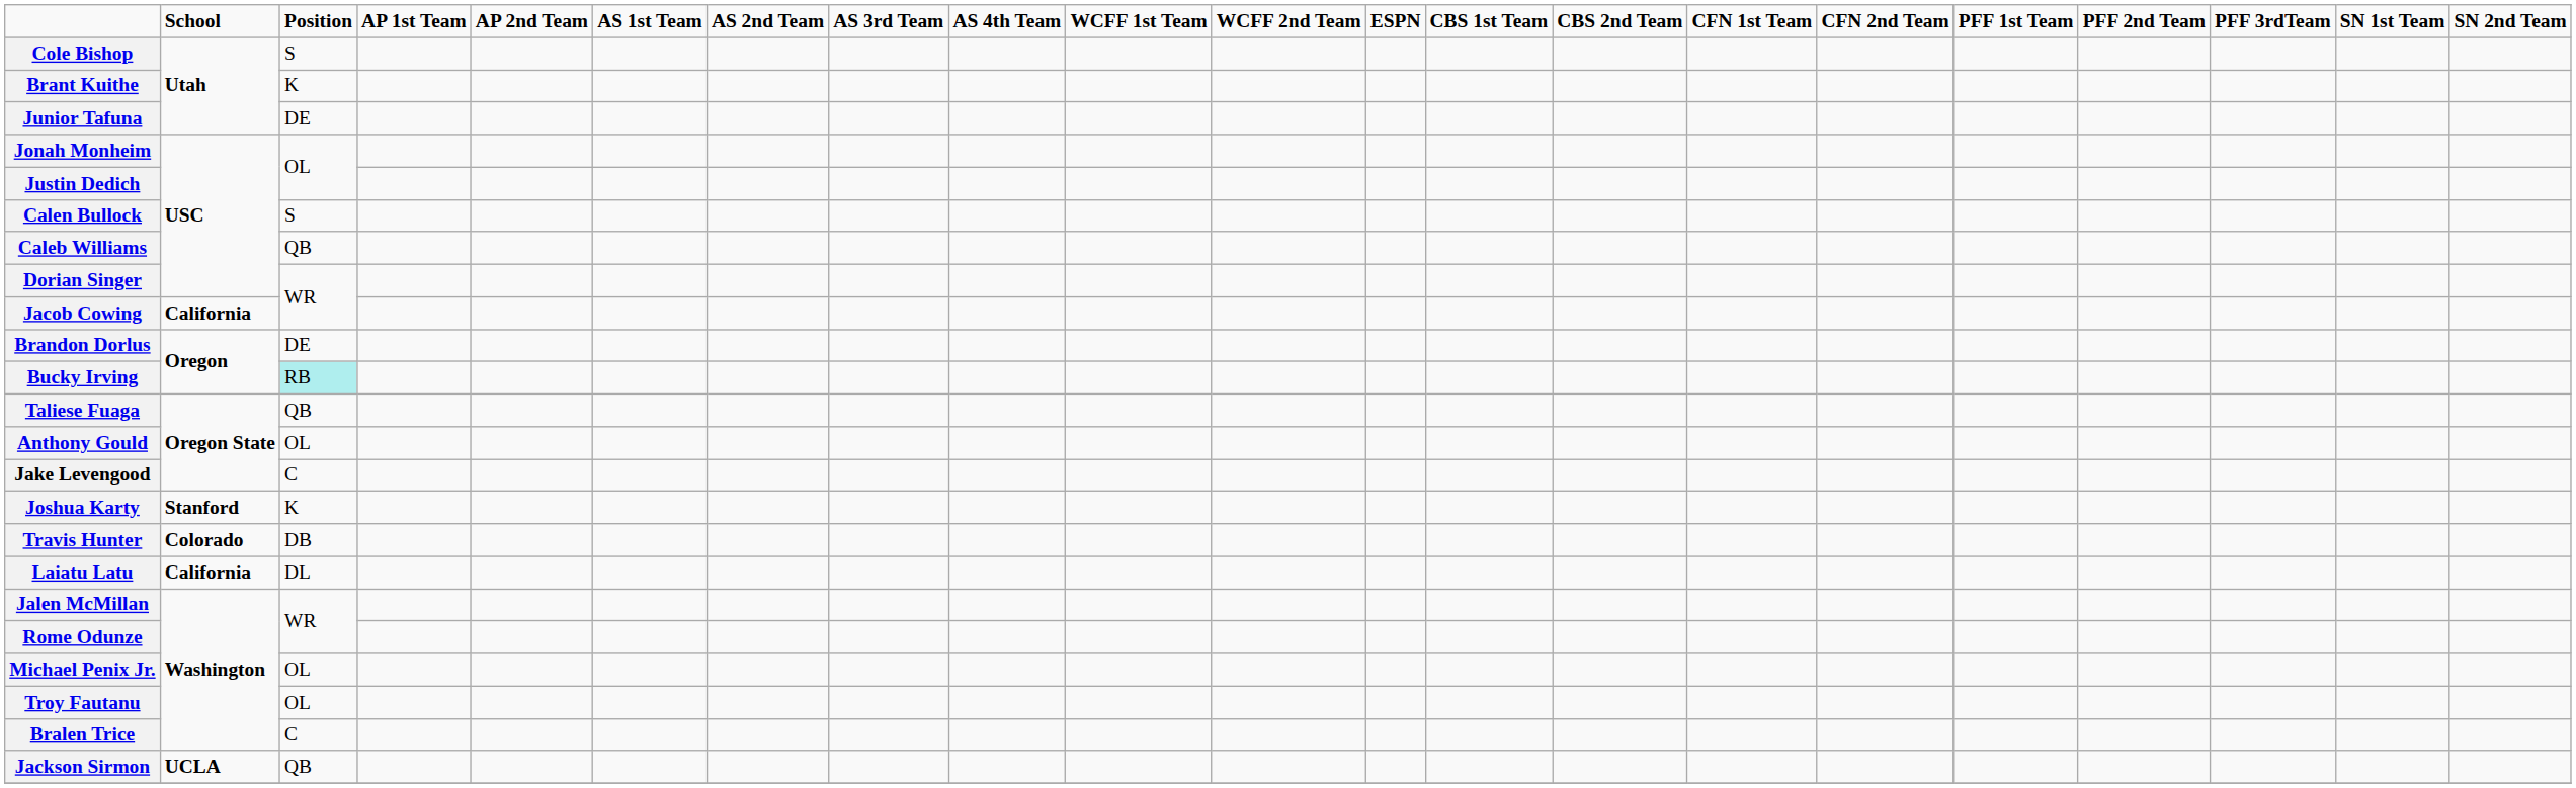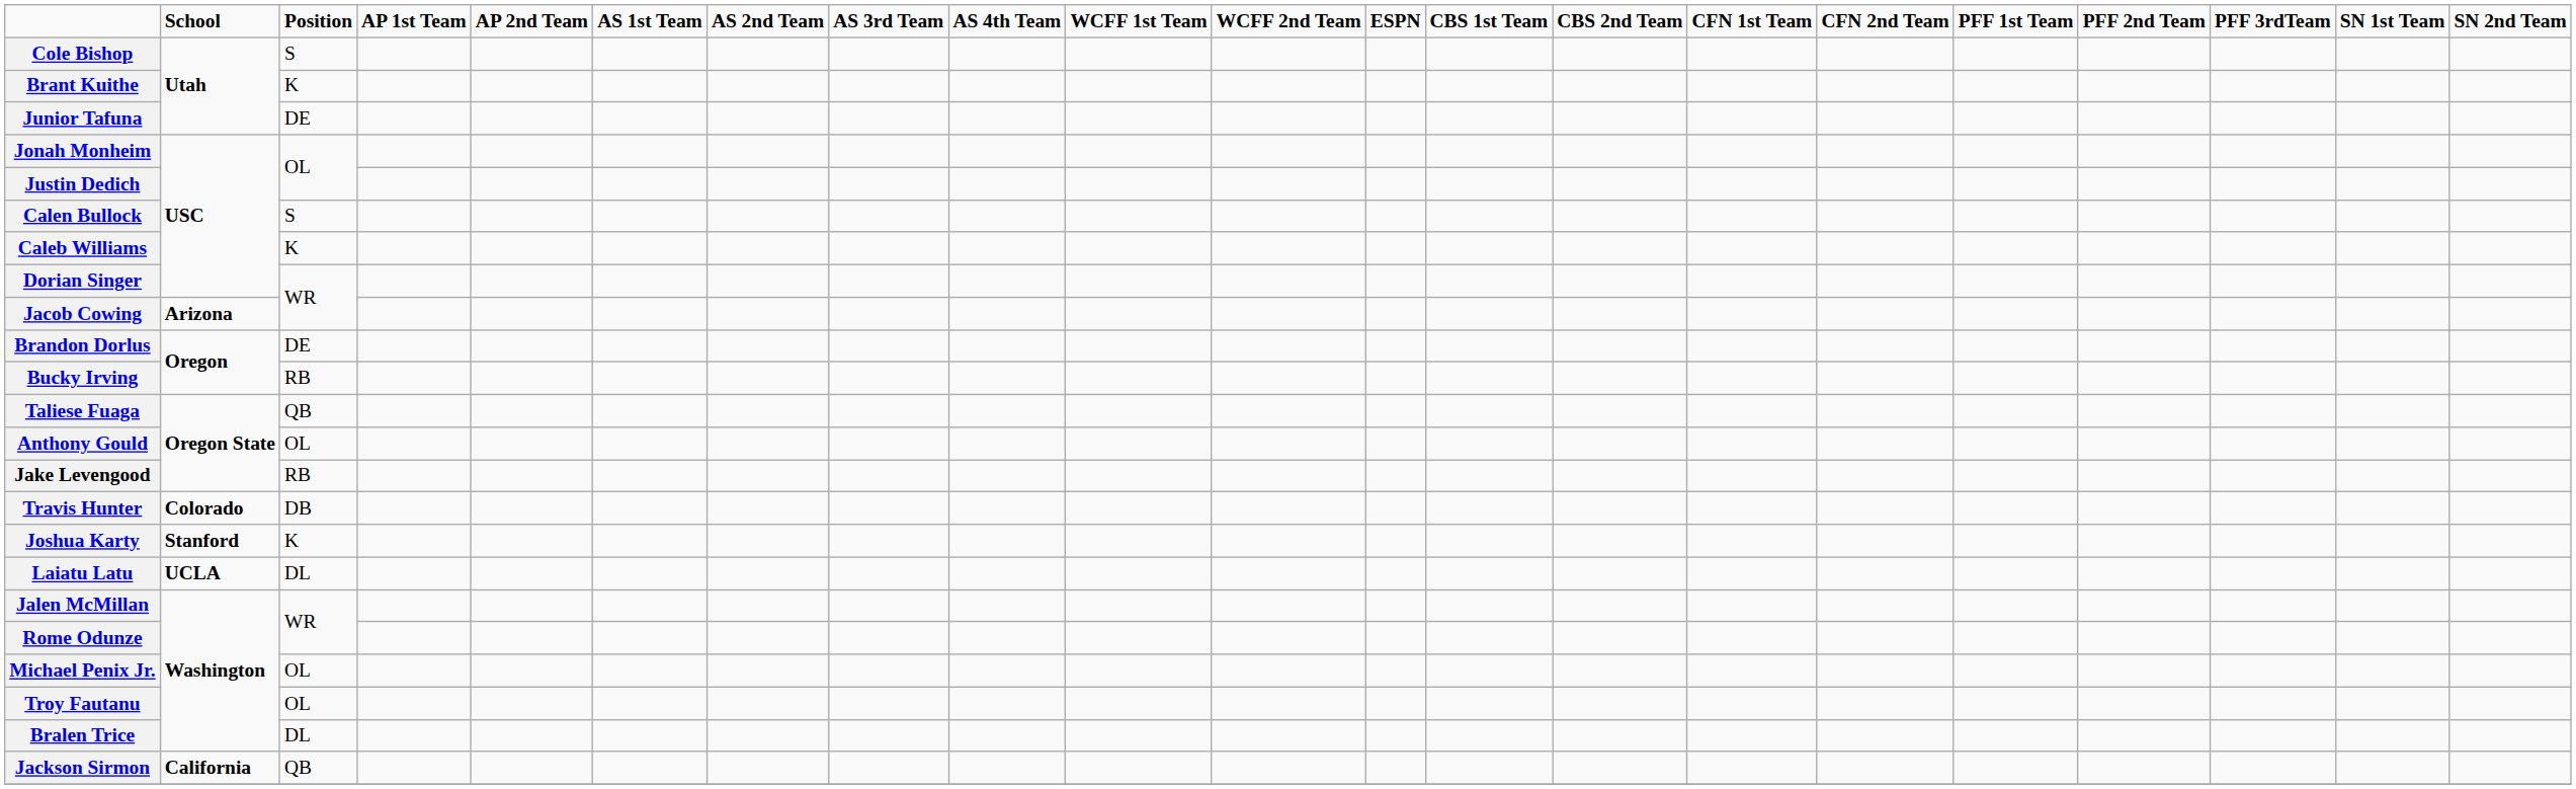 <table class="wikitable" style="white-space:nowrap; font-size:90%;">
 <tr>
 <td></td>
 <td><strong>School</strong></td>
 <td><strong>Position</strong></td>
 <td><strong>AP 1st Team</strong></td>
 <td><strong>AP 2nd Team</strong></td>
 <td><strong>AS 1st Team</strong></td>
 <td><strong>AS 2nd Team</strong></td>
 <td><strong>AS 3rd Team</strong></td>
 <td><strong>AS 4th Team</strong></td>
 <td><strong>WCFF 1st Team</strong></td>
 <td><strong>WCFF 2nd Team</strong></td>
 <td><strong>ESPN</strong></td>
 <td><strong>CBS 1st Team</strong></td>
 <td><strong>CBS 2nd Team</strong></td>
 <td><strong>CFN 1st Team</strong></td>
 <td><strong>CFN 2nd Team</strong></td>
 <td><strong>PFF 1st Team</strong></td>
 <td><strong>PFF 2nd Team</strong></td>
 <td><strong>PFF 3rdTeam</strong></td>
 <td><strong>SN 1st Team</strong></td>
 <td><strong>SN 2nd Team</strong></td>
 </tr>
 <tr>
 <th><a href='#'>Cole Bishop</a></th>
 <td rowspan=3><strong>Utah</strong></td>
 <td>S</td>
 <td></td>
 <td></td>
 <td></td>
 <td></td>
 <td></td>
 <td></td>
 <td></td>
 <td></td>
 <td></td>
 <td></td>
 <td></td>
 <td></td>
 <td></td>
 <td></td>
 <td></td>
 <td></td>
 <td></td>
 <td></td>
 </tr>
 <tr>
 <th><a href='#'>Brant Kuithe</a></th>
 <td>K</td>
 <td></td>
 <td></td>
 <td></td>
 <td></td>
 <td></td>
 <td></td>
 <td></td>
 <td></td>
 <td></td>
 <td></td>
 <td></td>
 <td></td>
 <td></td>
 <td></td>
 <td></td>
 <td></td>
 <td></td>
 <td></td>
 </tr>
 <tr>
 <th><a href='#'>Junior Tafuna</a></th>
 <td>DE</td>
 <td></td>
 <td></td>
 <td></td>
 <td></td>
 <td></td>
 <td></td>
 <td></td>
 <td></td>
 <td></td>
 <td></td>
 <td></td>
 <td></td>
 <td></td>
 <td></td>
 <td></td>
 <td></td>
 <td></td>
 <td></td>
 </tr>
 <tr>
 <th><a href='#'>Jonah Monheim</a></th>
 <td rowspan="5"><strong>USC</strong></td>
 <td rowspan="2">OL</td>
 <td></td>
 <td></td>
 <td></td>
 <td></td>
 <td></td>
 <td></td>
 <td></td>
 <td></td>
 <td></td>
 <td></td>
 <td></td>
 <td></td>
 <td></td>
 <td></td>
 <td></td>
 <td></td>
 <td></td>
 <td></td>
 </tr>
 <tr>
 <th><a href='#'>Justin Dedich</a></th>
 <td></td>
 <td></td>
 <td></td>
 <td></td>
 <td></td>
 <td></td>
 <td></td>
 <td></td>
 <td></td>
 <td></td>
 <td></td>
 <td></td>
 <td></td>
 <td></td>
 <td></td>
 <td></td>
 <td></td>
 <td></td>
 </tr>
 <tr>
 <th><a href='#'>Calen Bullock</a></th>
 <td>S</td>
 <td></td>
 <td></td>
 <td></td>
 <td></td>
 <td></td>
 <td></td>
 <td></td>
 <td></td>
 <td></td>
 <td></td>
 <td></td>
 <td></td>
 <td></td>
 <td></td>
 <td></td>
 <td></td>
 <td></td>
 <td></td>
 </tr>
 <tr>
 <th><a href='#'>Caleb Williams</a></th>
-<td>QB</td>
+<td>K</td>
 <td></td>
 <td></td>
 <td></td>
 <td></td>
 <td></td>
 <td></td>
 <td></td>
 <td></td>
 <td></td>
 <td></td>
 <td></td>
 <td></td>
 <td></td>
 <td></td>
 <td></td>
 <td></td>
 <td></td>
 <td></td>
 </tr>
 <tr>
 <th><a href='#'>Dorian Singer</a></th>
 <td rowspan="2">WR</td>
 <td></td>
 <td></td>
 <td></td>
 <td></td>
 <td></td>
 <td></td>
 <td></td>
 <td></td>
 <td></td>
 <td></td>
 <td></td>
 <td></td>
 <td></td>
 <td></td>
 <td></td>
 <td></td>
 <td></td>
 <td></td>
 </tr>
 <tr>
 <th><a href='#'>Jacob Cowing</a></th>
-<td><strong>California</strong></td>
+<td><strong>Arizona</strong></td>
 <td></td>
 <td></td>
 <td></td>
 <td></td>
 <td></td>
 <td></td>
 <td></td>
 <td></td>
 <td></td>
 <td></td>
 <td></td>
 <td></td>
 <td></td>
 <td></td>
 <td></td>
 <td></td>
 <td></td>
 <td></td>
 </tr>
 <tr>
 <th><a href='#'>Brandon Dorlus</a></th>
 <td rowspan="2"><strong>Oregon</strong></td>
 <td>DE</td>
 <td></td>
 <td></td>
 <td></td>
 <td></td>
 <td></td>
 <td></td>
 <td></td>
 <td></td>
 <td></td>
 <td></td>
 <td></td>
 <td></td>
 <td></td>
 <td></td>
 <td></td>
 <td></td>
 <td></td>
 <td></td>
 </tr>
 <tr>
 <th><a href='#'>Bucky Irving</a></th>
-<td style="background: paleturquoise;">RB</td>
+<td>RB</td>
 <td></td>
 <td></td>
 <td></td>
 <td></td>
 <td></td>
 <td></td>
 <td></td>
 <td></td>
 <td></td>
 <td></td>
 <td></td>
 <td></td>
 <td></td>
 <td></td>
 <td></td>
 <td></td>
 <td></td>
 <td></td>
 </tr>
 <tr>
 <th><a href='#'>Taliese Fuaga</a></th>
 <td rowspan="3"><strong>Oregon State</strong></td>
 <td>QB</td>
 <td></td>
 <td></td>
 <td></td>
 <td></td>
 <td></td>
 <td></td>
 <td></td>
 <td></td>
 <td></td>
 <td></td>
 <td></td>
 <td></td>
 <td></td>
 <td></td>
 <td></td>
 <td></td>
 <td></td>
 <td></td>
 </tr>
 <tr>
 <th><a href='#'>Anthony Gould</a></th>
 <td>OL</td>
 <td></td>
 <td></td>
 <td></td>
 <td></td>
 <td></td>
 <td></td>
 <td></td>
 <td></td>
 <td></td>
 <td></td>
 <td></td>
 <td></td>
 <td></td>
 <td></td>
 <td></td>
 <td></td>
 <td></td>
 <td></td>
 </tr>
 <tr>
 <th>Jake Levengood</th>
-<td>C</td>
+<td>RB</td>
+<td></td>
+<td></td>
+<td></td>
+<td></td>
+<td></td>
+<td></td>
+<td></td>
+<td></td>
+<td></td>
+<td></td>
+<td></td>
+<td></td>
+<td></td>
+<td></td>
+<td></td>
+<td></td>
+<td></td>
+<td></td>
+</tr>
+<tr>
+<th><a href='#'>Travis Hunter</a></th>
+<td><strong>Colorado</strong></td>
+<td>DB</td>
 <td></td>
 <td></td>
 <td></td>
 <td></td>
 <td></td>
 <td></td>
 <td></td>
 <td></td>
 <td></td>
 <td></td>
 <td></td>
 <td></td>
 <td></td>
 <td></td>
 <td></td>
 <td></td>
 <td></td>
 <td></td>
 </tr>
 <tr>
 <th><a href='#'>Joshua Karty</a></th>
 <td><strong>Stanford</strong></td>
 <td>K</td>
 <td></td>
 <td></td>
 <td></td>
 <td></td>
 <td></td>
 <td></td>
 <td></td>
 <td></td>
 <td></td>
 <td></td>
 <td></td>
 <td></td>
 <td></td>
 <td></td>
 <td></td>
 <td></td>
 <td></td>
 <td></td>
 </tr>
 <tr>
-<th><a href='#'>Travis Hunter</a></th>
-<td><strong>Colorado</strong></td>
-<td>DB</td>
-<td></td>
-<td></td>
-<td></td>
-<td></td>
-<td></td>
-<td></td>
-<td></td>
-<td></td>
-<td></td>
-<td></td>
-<td></td>
-<td></td>
-<td></td>
-<td></td>
-<td></td>
-<td></td>
-<td></td>
-<td></td>
-</tr>
-<tr>
 <th><a href='#'>Laiatu Latu</a></th>
-<td><strong>California</strong></td>
+<td><strong>UCLA</strong></td>
 <td>DL</td>
 <td></td>
 <td></td>
 <td></td>
 <td></td>
 <td></td>
 <td></td>
 <td></td>
 <td></td>
 <td></td>
 <td></td>
 <td></td>
 <td></td>
 <td></td>
 <td></td>
 <td></td>
 <td></td>
 <td></td>
 <td></td>
 </tr>
 <tr>
 <th><a href='#'>Jalen McMillan</a></th>
 <td rowspan="5"><strong>Washington</strong></td>
 <td rowspan="2">WR</td>
 <td></td>
 <td></td>
 <td></td>
 <td></td>
 <td></td>
 <td></td>
 <td></td>
 <td></td>
 <td></td>
 <td></td>
 <td></td>
 <td></td>
 <td></td>
 <td></td>
 <td></td>
 <td></td>
 <td></td>
 <td></td>
 </tr>
 <tr>
 <th><a href='#'>Rome Odunze</a></th>
 <td></td>
 <td></td>
 <td></td>
 <td></td>
 <td></td>
 <td></td>
 <td></td>
 <td></td>
 <td></td>
 <td></td>
 <td></td>
 <td></td>
 <td></td>
 <td></td>
 <td></td>
 <td></td>
 <td></td>
 <td></td>
 </tr>
 <tr>
 <th><a href='#'>Michael Penix Jr.</a></th>
 <td>OL</td>
 <td></td>
 <td></td>
 <td></td>
 <td></td>
 <td></td>
 <td></td>
 <td></td>
 <td></td>
 <td></td>
 <td></td>
 <td></td>
 <td></td>
 <td></td>
 <td></td>
 <td></td>
 <td></td>
 <td></td>
 <td></td>
 </tr>
 <tr>
 <th><a href='#'>Troy Fautanu</a></th>
 <td>OL</td>
 <td></td>
 <td></td>
 <td></td>
 <td></td>
 <td></td>
 <td></td>
 <td></td>
 <td></td>
 <td></td>
 <td></td>
 <td></td>
 <td></td>
 <td></td>
 <td></td>
 <td></td>
 <td></td>
 <td></td>
 <td></td>
 </tr>
 <tr>
 <th><a href='#'>Bralen Trice</a></th>
-<td>C</td>
+<td>DL</td>
 <td></td>
 <td></td>
 <td></td>
 <td></td>
 <td></td>
 <td></td>
 <td></td>
 <td></td>
 <td></td>
 <td></td>
 <td></td>
 <td></td>
 <td></td>
 <td></td>
 <td></td>
 <td></td>
 <td></td>
 <td></td>
 </tr>
 <tr>
 <th><a href='#'>Jackson Sirmon</a></th>
-<td><strong>UCLA</strong></td>
+<td><strong>California</strong></td>
 <td>QB</td>
 <td></td>
 <td></td>
 <td></td>
 <td></td>
 <td></td>
 <td></td>
 <td></td>
 <td></td>
 <td></td>
 <td></td>
 <td></td>
 <td></td>
 <td></td>
 <td></td>
 <td></td>
 <td></td>
 <td></td>
 <td></td>
 </tr>
 <tr>
 </tr>
 </table>
